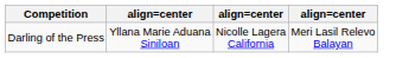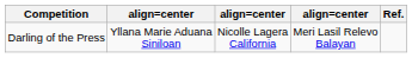 <table class="wikitable sortable" style="font-size:95%;">
 <tr>
 <th>Competition</th>
 <th>align=center </th>
 <th>align=center </th>
 <th>align=center </th>
+<th>Ref.</th>
 </tr>
 <tr align="center">
 <td>Darling of the Press</td>
 <td>Yllana Marie Aduana<br><a href='#'>Siniloan</a></td>
 <td>Nicolle Lagera<br><a href='#'>California</a></td>
 <td>Meri Lasil Relevo<br><a href='#'>Balayan</a></td>
+<td></td>
 </tr>
 </table>
